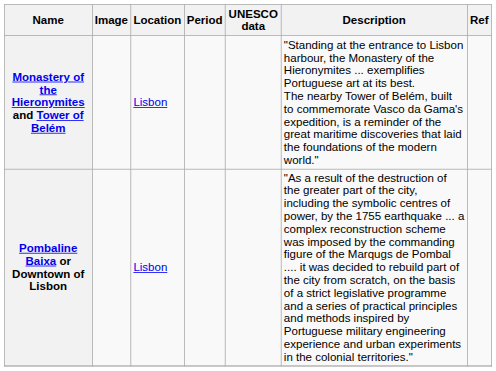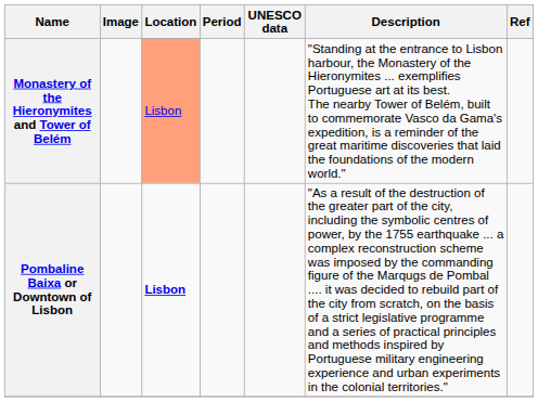 <table class="wikitable sortable" style="font-size:90%;">
 <tr>
 <th scope="col">Name</th>
 <th scope="col" class="unsortable">Image</th>
 <th scope="col">Location</th>
 <th scope="col">Period</th>
 <th scope="col">UNESCO data</th>
 <th scope="col" class="unsortable">Description</th>
 <th scope="col" class="unsortable">Ref</th>
 </tr>
 <tr>
 <th scope="row"><a href='#'>Monastery of the Hieronymites</a> and <a href='#'>Tower of Belém</a></th>
 <td><br></td>
-<td><a href='#'>Lisbon</a><br><small></small></td>
+<td style="background: lightsalmon;"><a href='#'>Lisbon</a><br><small></small></td>
 <td></td>
 <td></td>
 <td>"Standing at the entrance to Lisbon harbour, the Monastery of the Hieronymites ... exemplifies Portuguese art at its best. <br> The nearby Tower of Belém, built to commemorate Vasco da Gama's expedition, is a reminder of the great maritime discoveries that laid the foundations of the modern world."</td>
 <td align="center"></td>
 </tr>
 <tr>
 <th scope="row"><a href='#'>Pombaline Baixa</a> or Downtown of Lisbon</th>
 <td></td>
-<td><a href='#'>Lisbon</a><br><small></small></td>
+<td><strong><a href='#'>Lisbon</a><br><small></small></strong></td>
 <td></td>
 <td></td>
 <td>"As a result of the destruction of the greater part of the city, including the symbolic centres of power, by the 1755 earthquake ... a complex reconstruction scheme was imposed by the commanding figure of the Marqugs  de Pombal .... it was decided to rebuild part of the city from scratch, on the basis of a strict legislative programme and a series of practical principles and methods inspired by Portuguese military engineering experience and urban experiments in the colonial territories."</td>
 <td align="center"></td>
 </tr>
 <tr>
 </tr>
 </table>
